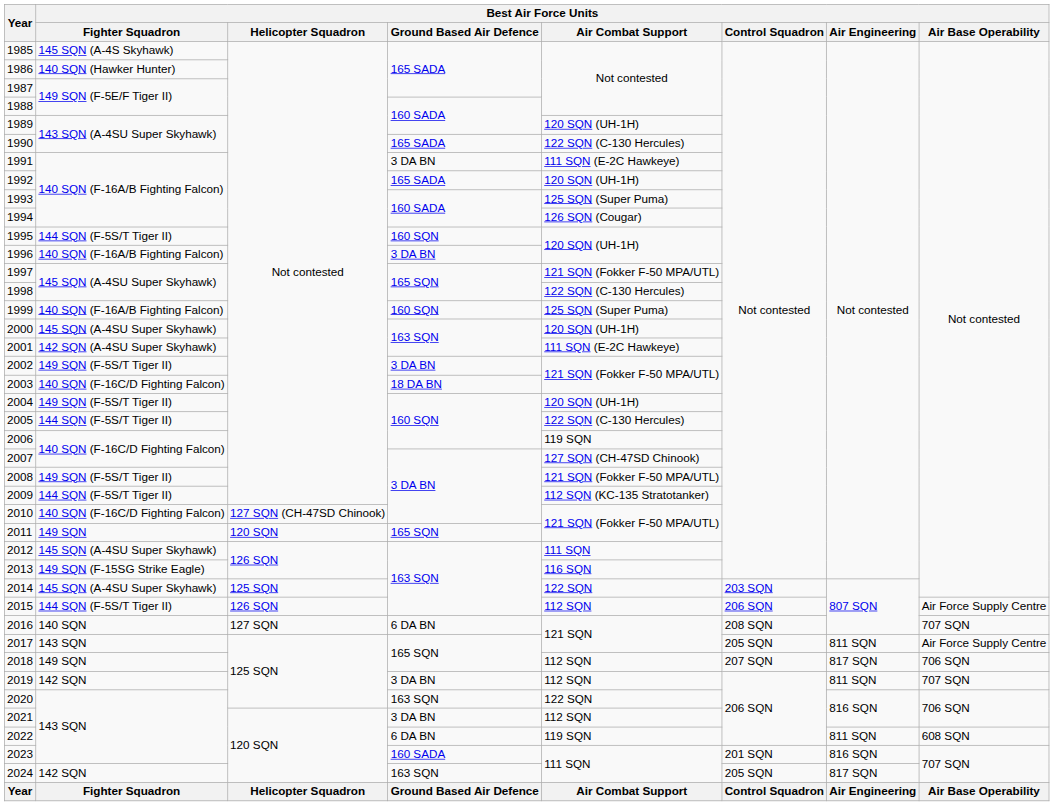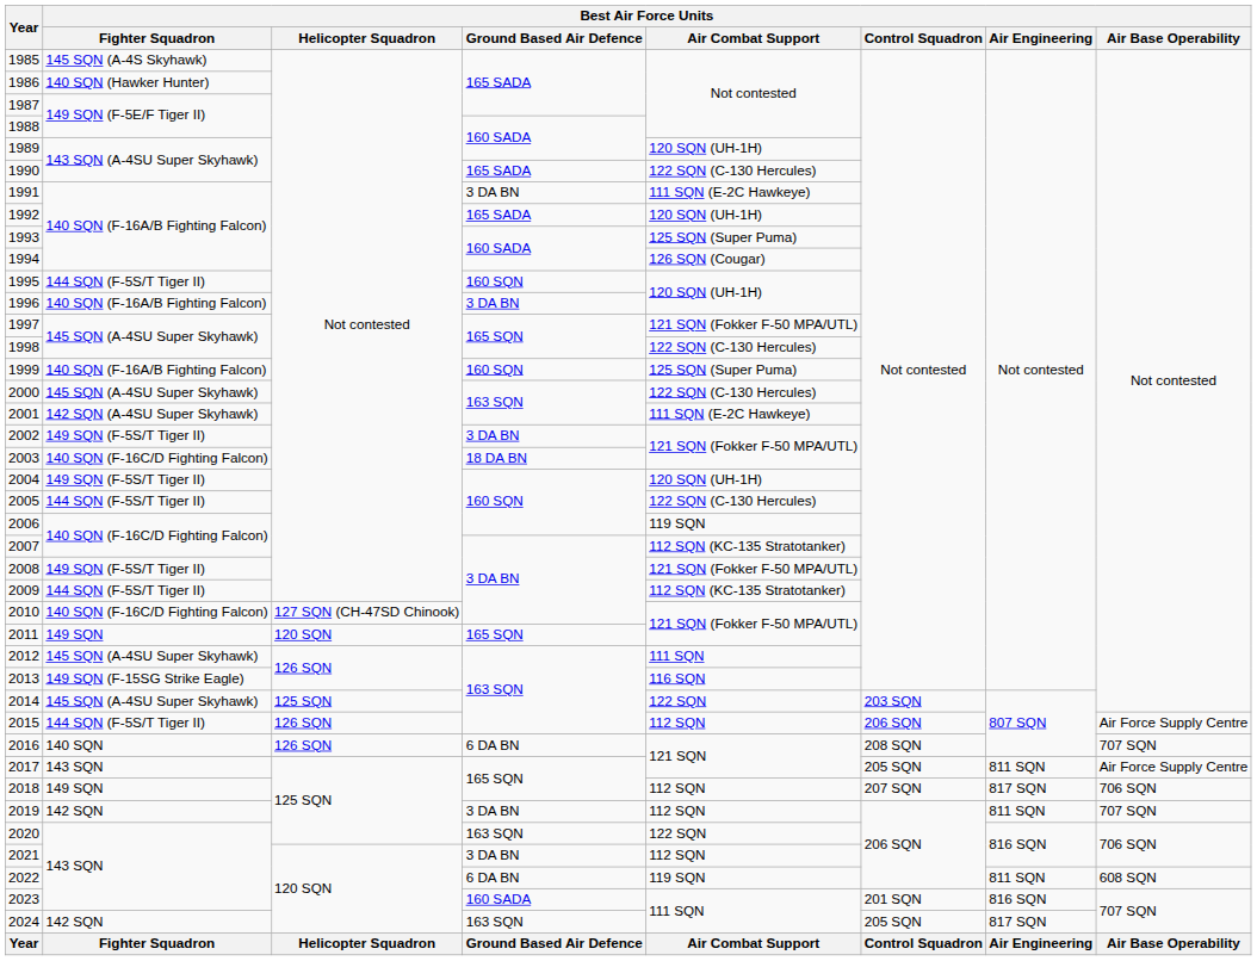 <table class="wikitable sortable">
 <tr>
 <th rowspan="2">Year</th>
 <th colspan="7">Best Air Force Units</th>
 </tr>
 <tr>
 <th>Fighter Squadron</th>
 <th>Helicopter Squadron</th>
 <th>Ground Based Air Defence</th>
 <th>Air Combat Support</th>
 <th>Control Squadron</th>
 <th>Air Engineering</th>
 <th>Air Base Operability</th>
 </tr>
 <tr>
 <td>1985</td>
 <td><a href='#'>145 SQN</a> (A-4S Skyhawk)</td>
 <td rowspan="25" style="text-align:center">Not contested</td>
 <td rowspan="3"><a href='#'>165 SADA</a></td>
 <td rowspan="4" style="text-align:center">Not contested</td>
 <td rowspan="29" style="text-align:center">Not contested</td>
 <td rowspan="29" style="text-align:center">Not contested</td>
 <td rowspan="30" style="text-align:center">Not contested</td>
 </tr>
 <tr>
 <td>1986</td>
 <td><a href='#'>140 SQN</a> (Hawker Hunter)</td>
 </tr>
 <tr>
 <td>1987</td>
 <td rowspan="2"><a href='#'>149 SQN</a> (F-5E/F Tiger II)</td>
 </tr>
 <tr>
 <td>1988</td>
 <td rowspan="2"><a href='#'>160 SADA</a></td>
 </tr>
 <tr>
 <td>1989</td>
 <td rowspan="2"><a href='#'>143 SQN</a> (A-4SU Super Skyhawk)</td>
 <td><a href='#'>120 SQN</a> (UH-1H)</td>
 </tr>
 <tr>
 <td>1990</td>
 <td><a href='#'>165 SADA</a></td>
 <td><a href='#'>122 SQN</a> (C-130 Hercules)</td>
 </tr>
 <tr>
 <td>1991</td>
 <td rowspan="4"><a href='#'>140 SQN</a> (F-16A/B Fighting Falcon)</td>
 <td>3 DA BN</td>
 <td><a href='#'>111 SQN</a> (E-2C Hawkeye)</td>
 </tr>
 <tr>
 <td>1992</td>
 <td><a href='#'>165 SADA</a></td>
 <td><a href='#'>120 SQN</a> (UH-1H)</td>
 </tr>
 <tr>
 <td>1993</td>
 <td rowspan="2"><a href='#'>160 SADA</a></td>
 <td><a href='#'>125 SQN</a> (Super Puma)</td>
 </tr>
 <tr>
 <td>1994</td>
 <td><a href='#'>126 SQN</a> (Cougar)</td>
 </tr>
 <tr>
 <td>1995</td>
 <td><a href='#'>144 SQN</a> (F-5S/T Tiger II)</td>
 <td><a href='#'>160 SQN</a></td>
 <td rowspan="2"><a href='#'>120 SQN</a> (UH-1H)</td>
 </tr>
 <tr>
 <td>1996</td>
 <td><a href='#'>140 SQN</a> (F-16A/B Fighting Falcon)</td>
 <td><a href='#'>3 DA BN</a></td>
 </tr>
 <tr>
 <td>1997</td>
 <td rowspan="2"><a href='#'>145 SQN</a> (A-4SU Super Skyhawk)</td>
 <td rowspan="2"><a href='#'>165 SQN</a></td>
 <td><a href='#'>121 SQN</a> (Fokker F-50 MPA/UTL)</td>
 </tr>
 <tr>
 <td>1998</td>
 <td><a href='#'>122 SQN</a> (C-130 Hercules)</td>
 </tr>
 <tr>
 <td>1999</td>
 <td><a href='#'>140 SQN</a> (F-16A/B Fighting Falcon)</td>
 <td><a href='#'>160 SQN</a></td>
 <td><a href='#'>125 SQN</a> (Super Puma)</td>
 </tr>
 <tr>
 <td>2000</td>
 <td><a href='#'>145 SQN</a> (A-4SU Super Skyhawk)</td>
 <td rowspan="2"><a href='#'>163 SQN</a></td>
-<td><a href='#'>120 SQN</a> (UH-1H)</td>
+<td><a href='#'>122 SQN</a> (C-130 Hercules)</td>
 </tr>
 <tr>
 <td>2001</td>
 <td><a href='#'>142 SQN</a> (A-4SU Super Skyhawk)</td>
 <td><a href='#'>111 SQN</a> (E-2C Hawkeye)</td>
 </tr>
 <tr>
 <td>2002</td>
 <td><a href='#'>149 SQN</a> (F-5S/T Tiger II)</td>
 <td><a href='#'>3 DA BN</a></td>
 <td rowspan="2"><a href='#'>121 SQN</a> (Fokker F-50 MPA/UTL)</td>
 </tr>
 <tr>
 <td>2003</td>
 <td><a href='#'>140 SQN</a> (F-16C/D Fighting Falcon)</td>
 <td><a href='#'>18 DA BN</a></td>
 </tr>
 <tr>
 <td>2004</td>
 <td><a href='#'>149 SQN</a> (F-5S/T Tiger II)</td>
 <td rowspan="3"><a href='#'>160 SQN</a></td>
 <td><a href='#'>120 SQN</a> (UH-1H)</td>
 </tr>
 <tr>
 <td>2005</td>
 <td><a href='#'>144 SQN</a> (F-5S/T Tiger II)</td>
 <td><a href='#'>122 SQN</a> (C-130 Hercules)</td>
 </tr>
 <tr>
 <td>2006</td>
 <td rowspan="2"><a href='#'>140 SQN</a> (F-16C/D Fighting Falcon)</td>
 <td>119 SQN</td>
 </tr>
 <tr>
 <td>2007</td>
 <td rowspan="4"><a href='#'>3 DA BN</a></td>
-<td><a href='#'>127 SQN</a> (CH-47SD Chinook)</td>
+<td><a href='#'>112 SQN</a> (KC-135 Stratotanker)</td>
 </tr>
 <tr>
 <td>2008</td>
 <td><a href='#'>149 SQN</a> (F-5S/T Tiger II)</td>
 <td><a href='#'>121 SQN</a> (Fokker F-50 MPA/UTL)</td>
 </tr>
 <tr>
 <td>2009</td>
 <td><a href='#'>144 SQN</a> (F-5S/T Tiger II)</td>
 <td><a href='#'>112 SQN</a> (KC-135 Stratotanker)</td>
 </tr>
 <tr>
 <td>2010</td>
 <td><a href='#'>140 SQN</a> (F-16C/D Fighting Falcon)</td>
 <td><a href='#'>127 SQN</a> (CH-47SD Chinook)</td>
 <td rowspan="2"><a href='#'>121 SQN</a> (Fokker F-50 MPA/UTL)</td>
 </tr>
 <tr>
 <td>2011</td>
 <td><a href='#'>149 SQN</a></td>
 <td><a href='#'>120 SQN</a></td>
 <td><a href='#'>165 SQN</a></td>
 </tr>
 <tr>
 <td>2012</td>
 <td><a href='#'>145 SQN</a> (A-4SU Super Skyhawk)</td>
 <td rowspan="2"><a href='#'>126 SQN</a></td>
 <td rowspan="4"><a href='#'>163 SQN</a></td>
 <td><a href='#'>111 SQN</a></td>
 </tr>
 <tr>
 <td>2013</td>
 <td><a href='#'>149 SQN</a> (F-15SG Strike Eagle)</td>
 <td><a href='#'>116 SQN</a></td>
 </tr>
 <tr>
 <td>2014</td>
 <td><a href='#'>145 SQN</a> (A-4SU Super Skyhawk)</td>
 <td><a href='#'>125 SQN</a></td>
 <td><a href='#'>122 SQN</a></td>
 <td><a href='#'>203 SQN</a></td>
 <td rowspan="3"><a href='#'>807 SQN</a></td>
 </tr>
 <tr>
 <td>2015</td>
 <td><a href='#'>144 SQN</a> (F-5S/T Tiger II)</td>
 <td><a href='#'>126 SQN</a></td>
 <td><a href='#'>112 SQN</a></td>
 <td><a href='#'>206 SQN</a></td>
 <td>Air Force Supply Centre</td>
 </tr>
 <tr>
 <td>2016</td>
 <td>140 SQN</td>
-<td>127 SQN</td>
+<td><a href='#'>126 SQN</a></td>
 <td>6 DA BN</td>
 <td rowspan="2">121 SQN</td>
 <td>208 SQN</td>
 <td>707 SQN</td>
 </tr>
 <tr>
 <td>2017</td>
 <td>143 SQN</td>
 <td rowspan="4">125 SQN</td>
 <td rowspan="2">165 SQN</td>
 <td>205 SQN</td>
 <td>811 SQN</td>
 <td>Air Force Supply Centre</td>
 </tr>
 <tr>
 <td>2018</td>
 <td>149 SQN</td>
 <td>112 SQN</td>
 <td>207 SQN</td>
 <td>817 SQN</td>
 <td>706 SQN</td>
 </tr>
 <tr>
 <td>2019</td>
 <td>142 SQN</td>
 <td>3 DA BN</td>
 <td>112 SQN</td>
 <td rowspan="4=">206 SQN</td>
 <td>811 SQN</td>
 <td>707 SQN</td>
 </tr>
 <tr>
 <td>2020</td>
 <td rowspan="4">143 SQN</td>
 <td>163 SQN</td>
 <td>122 SQN</td>
 <td rowspan="2">816 SQN</td>
 <td rowspan="2">706 SQN</td>
 </tr>
 <tr>
 <td>2021</td>
 <td rowspan="4">120 SQN</td>
 <td>3 DA BN</td>
 <td>112 SQN</td>
 </tr>
 <tr>
 <td>2022</td>
 <td>6 DA BN</td>
 <td>119 SQN</td>
 <td>811 SQN</td>
 <td>608 SQN</td>
 </tr>
 <tr>
 <td>2023</td>
 <td><a href='#'>160 SADA</a></td>
 <td rowspan="2">111 SQN</td>
 <td>201 SQN</td>
 <td>816 SQN</td>
 <td rowspan="2">707 SQN</td>
 </tr>
 <tr>
 <td>2024</td>
 <td>142 SQN</td>
 <td>163 SQN</td>
 <td>205 SQN</td>
 <td>817 SQN</td>
 </tr>
 <tr>
 <th>Year</th>
 <th>Fighter Squadron</th>
 <th>Helicopter Squadron</th>
 <th>Ground Based Air Defence</th>
 <th>Air Combat Support</th>
 <th>Control Squadron</th>
 <th>Air Engineering</th>
 <th>Air Base Operability</th>
 </tr>
 </table>
